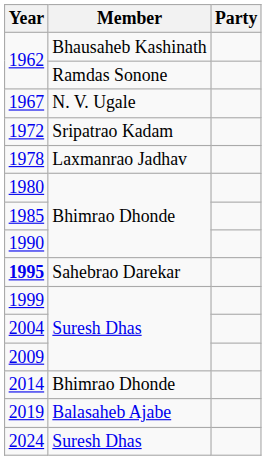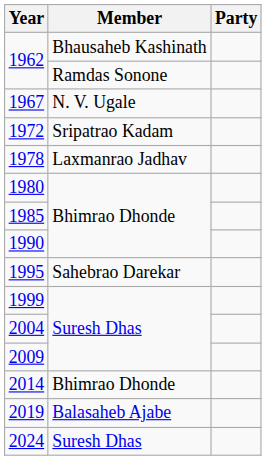 <table class="wikitable">
 <tr>
 <th>Year</th>
 <th>Member</th>
 <th colspan="2">Party</th>
 </tr>
 <tr>
 <td rowspan="2"><a href='#'>1962</a></td>
 <td>Bhausaheb Kashinath</td>
 <td></td>
 </tr>
 <tr>
 <td>Ramdas Sonone</td>
 </tr>
 <tr>
 <td><a href='#'>1967</a></td>
 <td>N. V. Ugale</td>
 <td></td>
 </tr>
 <tr>
 <td><a href='#'>1972</a></td>
 <td>Sripatrao Kadam</td>
 <td></td>
 </tr>
 <tr>
 <td><a href='#'>1978</a></td>
 <td>Laxmanrao Jadhav</td>
 </tr>
 <tr>
 <td><a href='#'>1980</a></td>
 <td rowspan="3">Bhimrao Dhonde</td>
 <td></td>
 </tr>
 <tr>
 <td><a href='#'>1985</a></td>
 <td></td>
 </tr>
 <tr>
 <td><a href='#'>1990</a></td>
 </tr>
 <tr>
-<td><strong><a href='#'>1995</a></strong></td>
+<td><a href='#'>1995</a></td>
 <td>Sahebrao Darekar</td>
 <td></td>
 </tr>
 <tr>
 <td><a href='#'>1999</a></td>
 <td rowspan="3"><a href='#'>Suresh Dhas</a></td>
 <td></td>
 </tr>
 <tr>
 <td><a href='#'>2004</a></td>
 </tr>
 <tr>
 <td><a href='#'>2009</a></td>
 <td></td>
 </tr>
 <tr>
 <td><a href='#'>2014</a></td>
 <td>Bhimrao Dhonde</td>
 <td></td>
 </tr>
 <tr>
 <td><a href='#'>2019</a></td>
 <td><a href='#'>Balasaheb Ajabe</a></td>
 <td></td>
 </tr>
 <tr>
 <td><a href='#'>2024</a></td>
 <td><a href='#'>Suresh Dhas</a></td>
 <td></td>
 </tr>
 </table>
